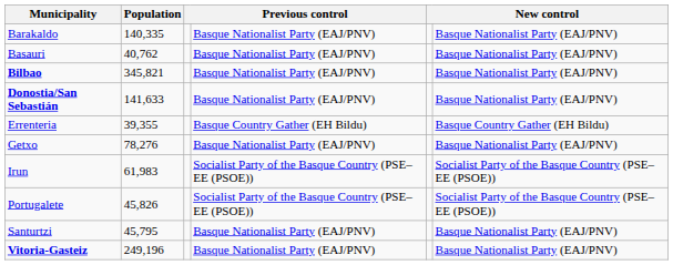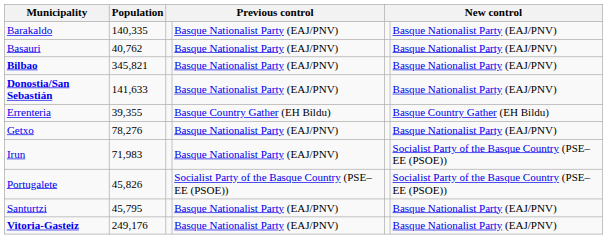 <table class="wikitable sortable">
 <tr>
 <th>Municipality</th>
 <th>Population</th>
 <th colspan="2" style="width:375px;">Previous control</th>
 <th colspan="2" style="width:375px;">New control</th>
 </tr>
 <tr>
 <td><a href='#'>Barakaldo</a></td>
 <td>140,335</td>
 <td width="1" style="color:inherit;background:"></td>
 <td><a href='#'>Basque Nationalist Party</a> (EAJ/PNV)</td>
 <td width="1" style="color:inherit;background:"></td>
 <td><a href='#'>Basque Nationalist Party</a> (EAJ/PNV)</td>
 </tr>
 <tr>
 <td><a href='#'>Basauri</a></td>
 <td>40,762</td>
 <td style="color:inherit;background:"></td>
 <td><a href='#'>Basque Nationalist Party</a> (EAJ/PNV)</td>
 <td style="color:inherit;background:"></td>
 <td><a href='#'>Basque Nationalist Party</a> (EAJ/PNV)</td>
 </tr>
 <tr>
 <td><strong><a href='#'>Bilbao</a></strong></td>
 <td>345,821</td>
 <td style="color:inherit;background:"></td>
 <td><a href='#'>Basque Nationalist Party</a> (EAJ/PNV)</td>
 <td style="color:inherit;background:"></td>
 <td><a href='#'>Basque Nationalist Party</a> (EAJ/PNV)</td>
 </tr>
 <tr>
 <td><strong><a href='#'>Donostia/San Sebastián</a></strong></td>
 <td>141,633</td>
 <td style="color:inherit;background:"></td>
 <td><a href='#'>Basque Nationalist Party</a> (EAJ/PNV)</td>
 <td style="color:inherit;background:"></td>
 <td><a href='#'>Basque Nationalist Party</a> (EAJ/PNV)</td>
 </tr>
 <tr>
 <td><a href='#'>Errenteria</a></td>
 <td>39,355</td>
 <td style="color:inherit;background:"></td>
 <td><a href='#'>Basque Country Gather</a> (EH Bildu)</td>
 <td style="color:inherit;background:"></td>
 <td><a href='#'>Basque Country Gather</a> (EH Bildu)</td>
 </tr>
 <tr>
 <td><a href='#'>Getxo</a></td>
 <td>78,276</td>
 <td style="color:inherit;background:"></td>
 <td><a href='#'>Basque Nationalist Party</a> (EAJ/PNV)</td>
 <td style="color:inherit;background:"></td>
 <td><a href='#'>Basque Nationalist Party</a> (EAJ/PNV)</td>
 </tr>
 <tr>
 <td><a href='#'>Irun</a></td>
-<td>61,983</td>
+<td>71,983</td>
 <td style="color:inherit;background:"></td>
-<td><a href='#'>Socialist Party of the Basque Country</a> (PSE–EE (PSOE))</td>
+<td><a href='#'>Basque Nationalist Party</a> (EAJ/PNV)</td>
 <td style="color:inherit;background:"></td>
 <td><a href='#'>Socialist Party of the Basque Country</a> (PSE–EE (PSOE))</td>
 </tr>
 <tr>
 <td><a href='#'>Portugalete</a></td>
 <td>45,826</td>
 <td style="color:inherit;background:"></td>
 <td><a href='#'>Socialist Party of the Basque Country</a> (PSE–EE (PSOE))</td>
 <td style="color:inherit;background:"></td>
 <td><a href='#'>Socialist Party of the Basque Country</a> (PSE–EE (PSOE))</td>
 </tr>
 <tr>
 <td><a href='#'>Santurtzi</a></td>
 <td>45,795</td>
 <td style="color:inherit;background:"></td>
 <td><a href='#'>Basque Nationalist Party</a> (EAJ/PNV)</td>
 <td style="color:inherit;background:"></td>
 <td><a href='#'>Basque Nationalist Party</a> (EAJ/PNV)</td>
 </tr>
 <tr>
 <td><strong><a href='#'>Vitoria-Gasteiz</a></strong></td>
-<td>249,196</td>
+<td>249,176</td>
 <td style="color:inherit;background:"></td>
 <td><a href='#'>Basque Nationalist Party</a> (EAJ/PNV)</td>
 <td style="color:inherit;background:"></td>
 <td><a href='#'>Basque Nationalist Party</a> (EAJ/PNV)</td>
 </tr>
 </table>
